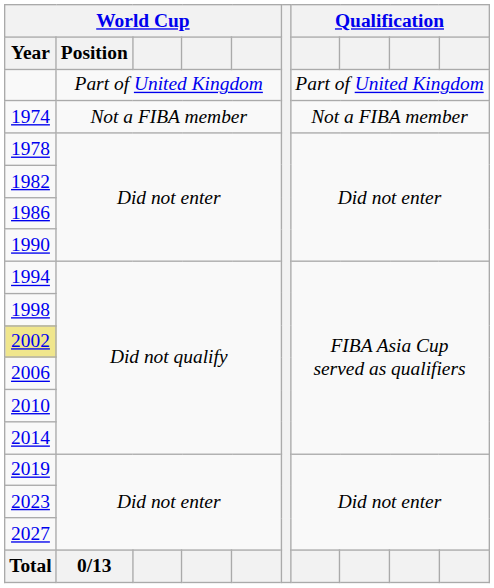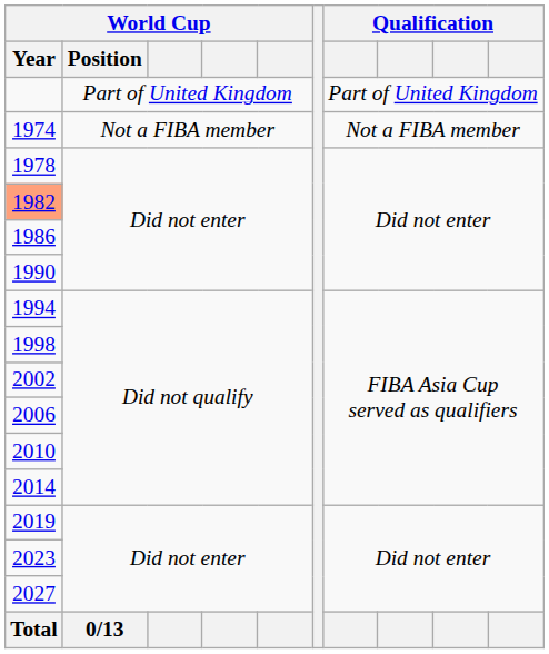 <table class="wikitable" style="text-align: center;font-size:90%;">
 <tr>
 <th colspan=5><a href='#'>World Cup</a></th>
 <th rowspan=18></th>
 <th colspan=4><a href='#'>Qualification</a></th>
 </tr>
 <tr>
 <th>Year</th>
 <th>Position</th>
 <th width=30></th>
 <th width=30></th>
 <th width=30></th>
 <th width=30></th>
 <th width=30></th>
 <th width=30></th>
 <th width=30></th>
 </tr>
 <tr>
 <td></td>
 <td colspan=4><em>Part of <a href='#'>United Kingdom</a></em></td>
 <td colspan=4><em>Part of <a href='#'>United Kingdom</a></em></td>
 </tr>
 <tr>
 <td> <a href='#'>1974</a></td>
 <td colspan=4><em>Not a FIBA member</em></td>
 <td colspan=4><em>Not a FIBA member</em></td>
 </tr>
 <tr>
 <td> <a href='#'>1978</a></td>
 <td colspan=4 rowspan=4><em>Did not enter</em></td>
 <td colspan=4 rowspan=4><em>Did not enter</em></td>
 </tr>
 <tr>
-<td> <a href='#'>1982</a></td>
+<td style="background: lightsalmon;"> <a href='#'>1982</a></td>
 </tr>
 <tr>
 <td> <a href='#'>1986</a></td>
 </tr>
 <tr>
 <td> <a href='#'>1990</a></td>
 </tr>
 <tr>
 <td> <a href='#'>1994</a></td>
 <td colspan=4 rowspan=6><em>Did not qualify</em></td>
 <td colspan=4 rowspan=6><em>FIBA Asia Cup<br>served as qualifiers</em></td>
 </tr>
 <tr>
 <td> <a href='#'>1998</a></td>
 </tr>
 <tr>
-<td style="background: khaki;"> <a href='#'>2002</a></td>
+<td> <a href='#'>2002</a></td>
 </tr>
 <tr>
 <td> <a href='#'>2006</a></td>
 </tr>
 <tr>
 <td> <a href='#'>2010</a></td>
 </tr>
 <tr>
 <td> <a href='#'>2014</a></td>
 </tr>
 <tr>
 <td> <a href='#'>2019</a></td>
 <td colspan=4 rowspan=3><em>Did not enter</em></td>
 <td colspan=4 rowspan=3><em>Did not enter</em></td>
 </tr>
 <tr>
 <td> <a href='#'>2023</a></td>
 </tr>
 <tr>
 <td> <a href='#'>2027</a></td>
 </tr>
 <tr>
 <th>Total</th>
 <th>0/13</th>
 <th></th>
 <th></th>
 <th></th>
 <th></th>
 <th></th>
 <th></th>
 <th></th>
 </tr>
 </table>
